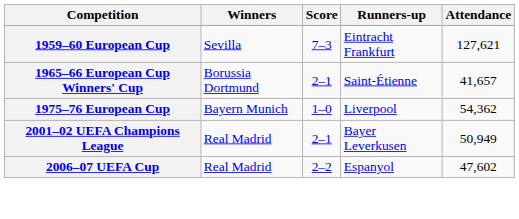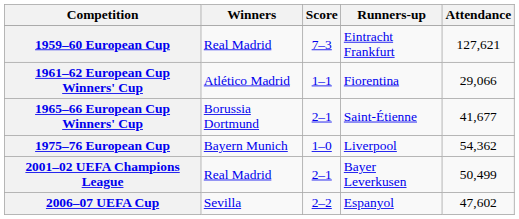 <table class="wikitable plainrowheaders sortable" style="text-font-size:90%">
 <tr>
 <th scope="col">Competition</th>
 <th scope="col">Winners</th>
 <th scope="col">Score</th>
 <th scope="col">Runners-up</th>
 <th scope="col">Attendance</th>
 </tr>
 <tr>
 </tr>
 <tr>
 <th scope="row" style="text-align:center"><a href='#'>1959–60 European Cup</a></th>
-<td> <a href='#'>Sevilla</a></td>
+<td> <a href='#'>Real Madrid</a></td>
 <td align=center><a href='#'>7–3</a></td>
 <td> <a href='#'>Eintracht Frankfurt</a></td>
 <td align=center>127,621</td>
+</tr>
+<tr>
+<th scope=row style="text-align:center"><a href='#'>1961–62 European Cup Winners' Cup</a></th>
+<td> <a href='#'>Atlético Madrid</a></td>
+<td align=center><a href='#'>1–1</a></td>
+<td> <a href='#'>Fiorentina</a></td>
+<td align=center>29,066</td>
 </tr>
 <tr>
 <th scope=row style="text-align:center"><a href='#'>1965–66 European Cup Winners' Cup</a></th>
 <td> <a href='#'>Borussia Dortmund</a></td>
 <td align=center><a href='#'>2–1</a></td>
 <td> <a href='#'>Saint-Étienne</a></td>
-<td align=center>41,657</td>
+<td align=center>41,677</td>
 </tr>
 <tr>
 <th scope="row" style="text-align:center"><a href='#'>1975–76 European Cup</a></th>
 <td> <a href='#'>Bayern Munich</a></td>
 <td align=center><a href='#'>1–0</a></td>
 <td> <a href='#'>Liverpool</a></td>
 <td align=center>54,362</td>
 </tr>
 <tr>
 <th scope="row" style="text-align:center"><a href='#'>2001–02 UEFA Champions League</a></th>
 <td> <a href='#'>Real Madrid</a></td>
 <td align=center><a href='#'>2–1</a></td>
 <td> <a href='#'>Bayer Leverkusen</a></td>
-<td align=center>50,949</td>
+<td align=center>50,499</td>
 </tr>
 <tr>
 <th scope="row" style="text-align:center"><a href='#'>2006–07 UEFA Cup</a></th>
-<td> <a href='#'>Real Madrid</a></td>
+<td> <a href='#'>Sevilla</a></td>
 <td align=center><a href='#'>2–2</a></td>
 <td> <a href='#'>Espanyol</a></td>
 <td align=center>47,602</td>
 </tr>
 </table>
